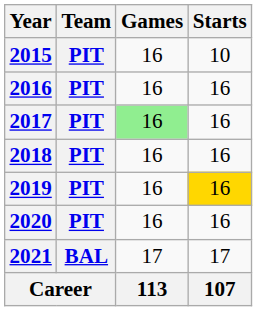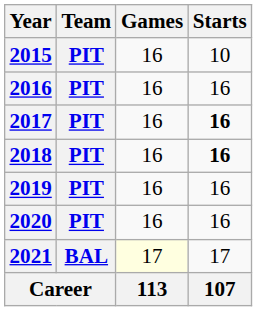 <table class="wikitable" style="text-align: center;">
 <tr>
 <th>Year</th>
 <th>Team</th>
 <th>Games</th>
 <th>Starts</th>
 </tr>
 <tr>
 <th><a href='#'>2015</a></th>
 <th><a href='#'>PIT</a></th>
 <td>16</td>
 <td>10</td>
 </tr>
 <tr>
 <th><a href='#'>2016</a></th>
 <th><a href='#'>PIT</a></th>
 <td>16</td>
 <td>16</td>
 </tr>
 <tr>
 <th><a href='#'>2017</a></th>
 <th><a href='#'>PIT</a></th>
-<td style="background: lightgreen;">16</td>
 <td>16</td>
+<td><strong>16</strong></td>
 </tr>
 <tr>
 <th><a href='#'>2018</a></th>
 <th><a href='#'>PIT</a></th>
 <td>16</td>
-<td>16</td>
+<td><strong>16</strong></td>
 </tr>
 <tr>
 <th><a href='#'>2019</a></th>
 <th><a href='#'>PIT</a></th>
 <td>16</td>
-<td style="background: gold;">16</td>
+<td>16</td>
 </tr>
 <tr>
 <th><a href='#'>2020</a></th>
 <th><a href='#'>PIT</a></th>
 <td>16</td>
 <td>16</td>
 </tr>
 <tr>
 <th><a href='#'>2021</a></th>
 <th><a href='#'>BAL</a></th>
-<td>17</td>
+<td style="background: lightyellow;">17</td>
 <td>17</td>
 </tr>
 <tr>
 <th colspan="2">Career</th>
 <th>113</th>
 <th>107</th>
 </tr>
 </table>
